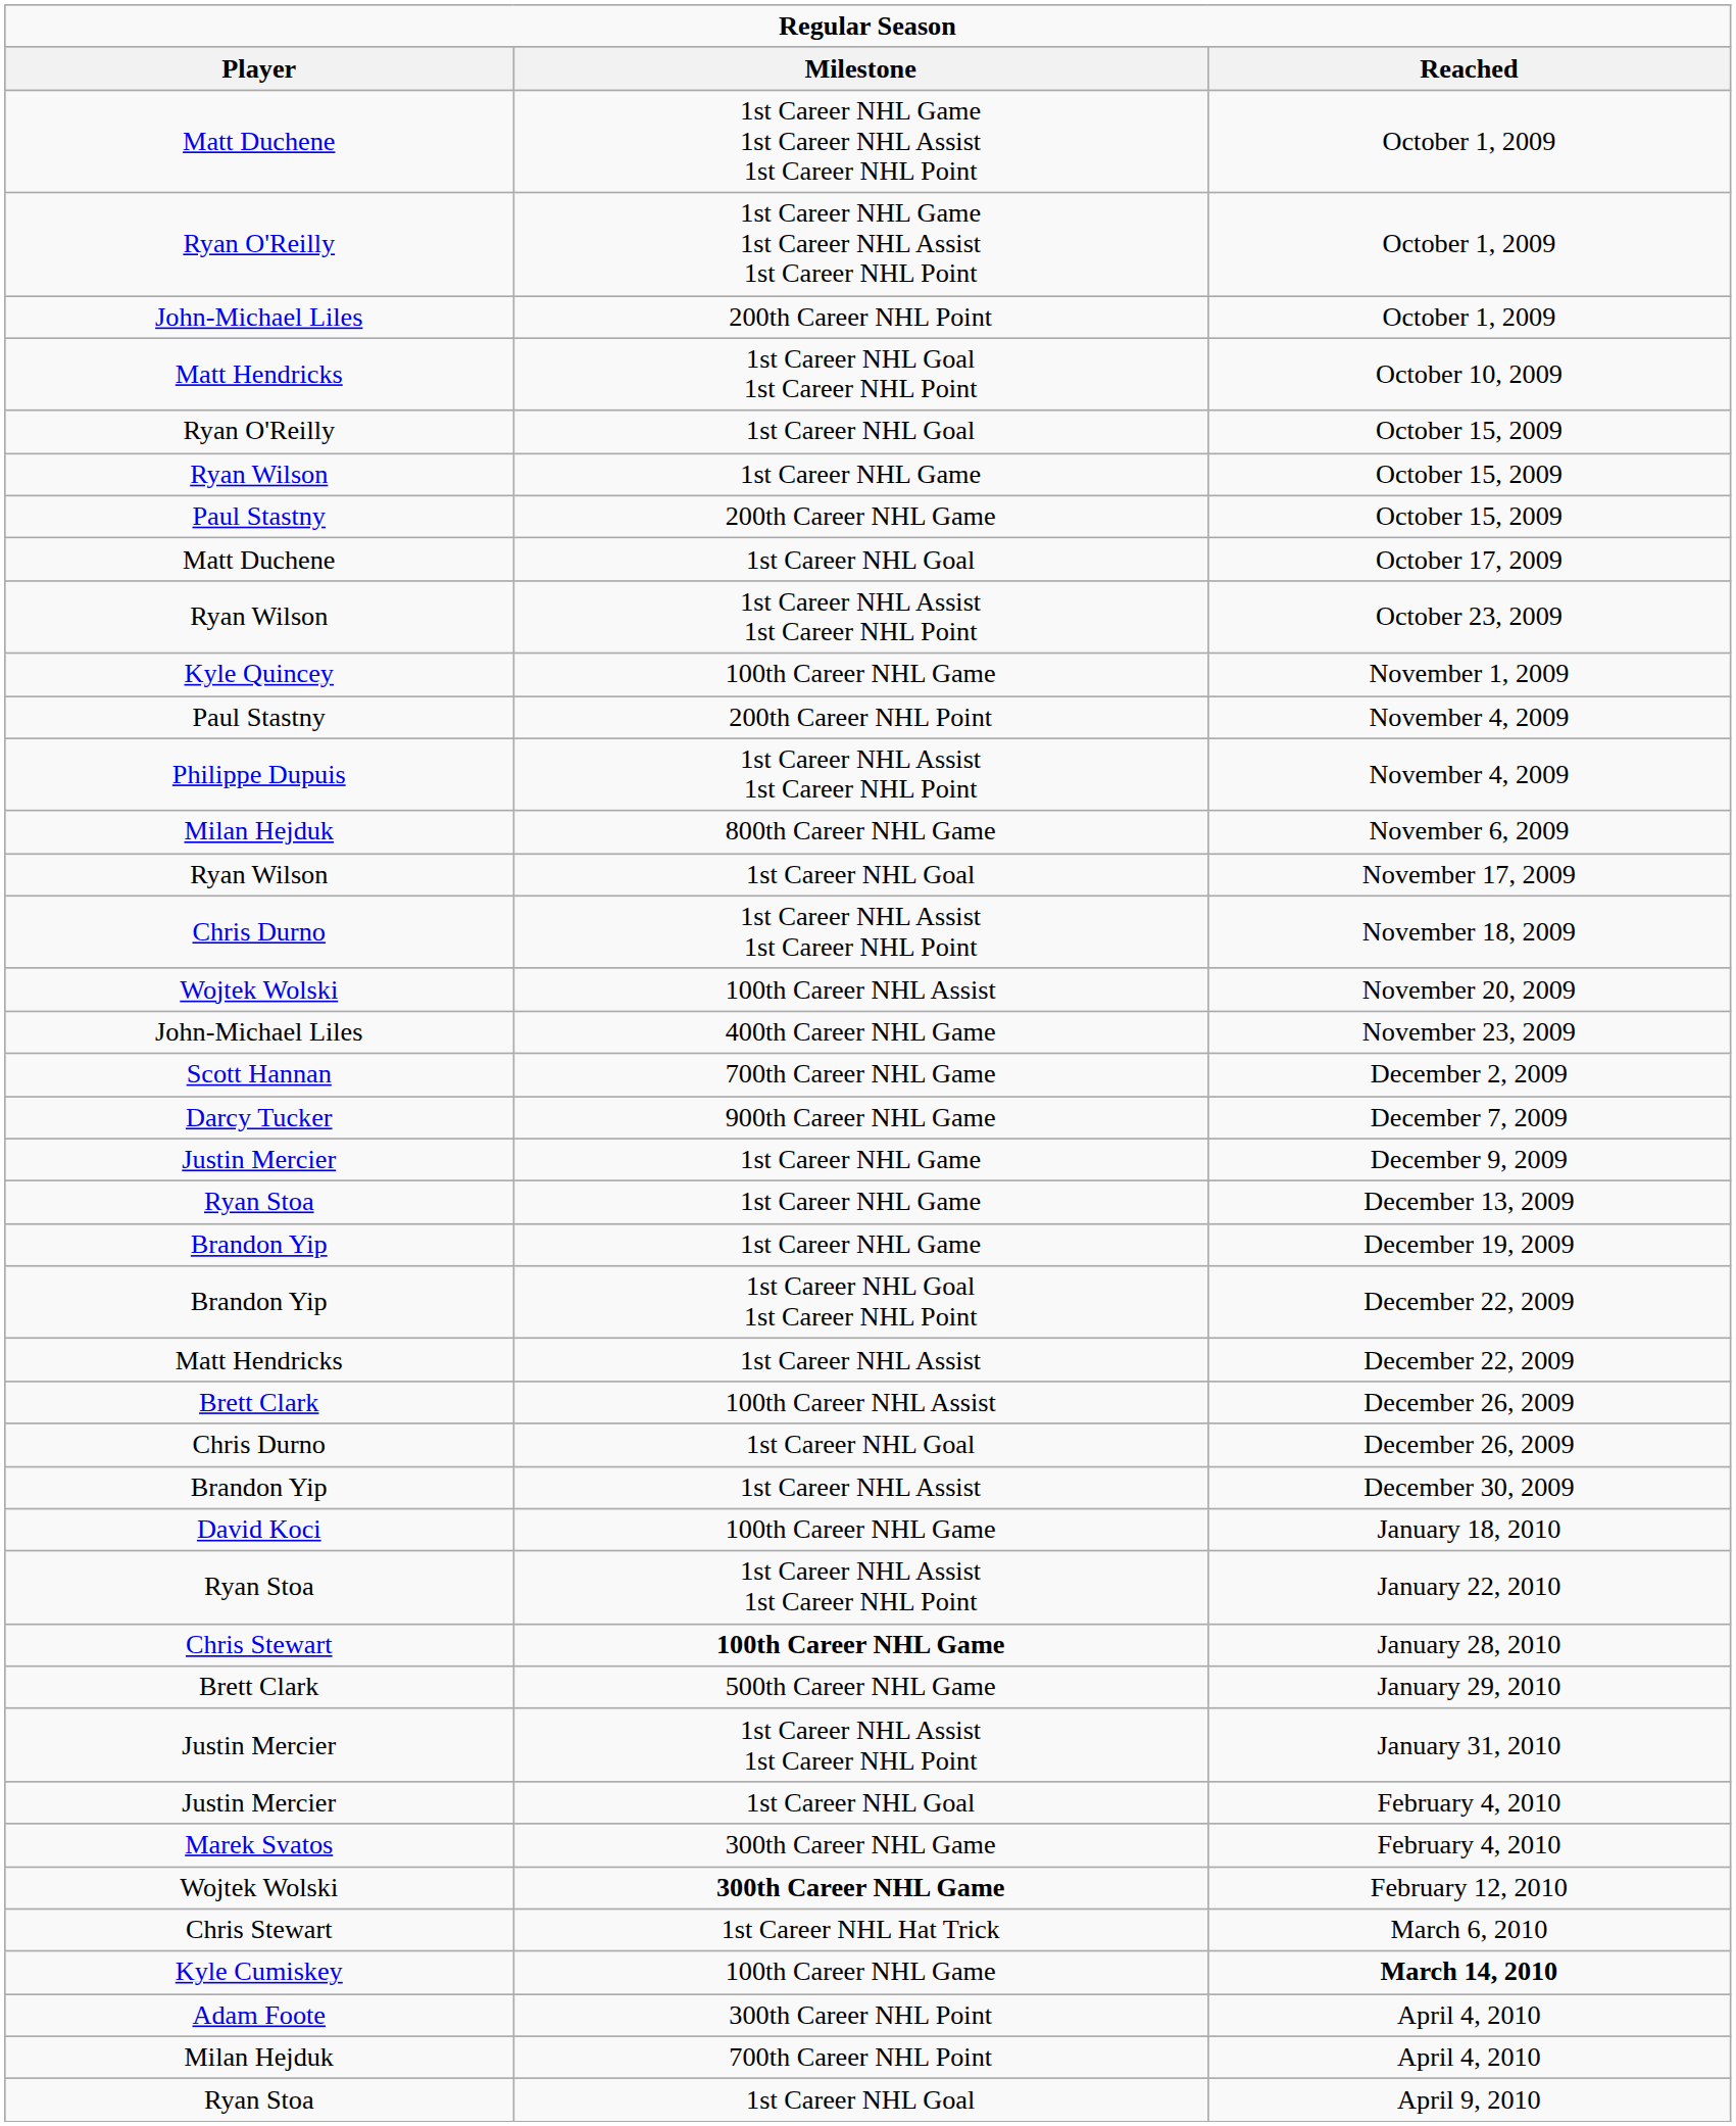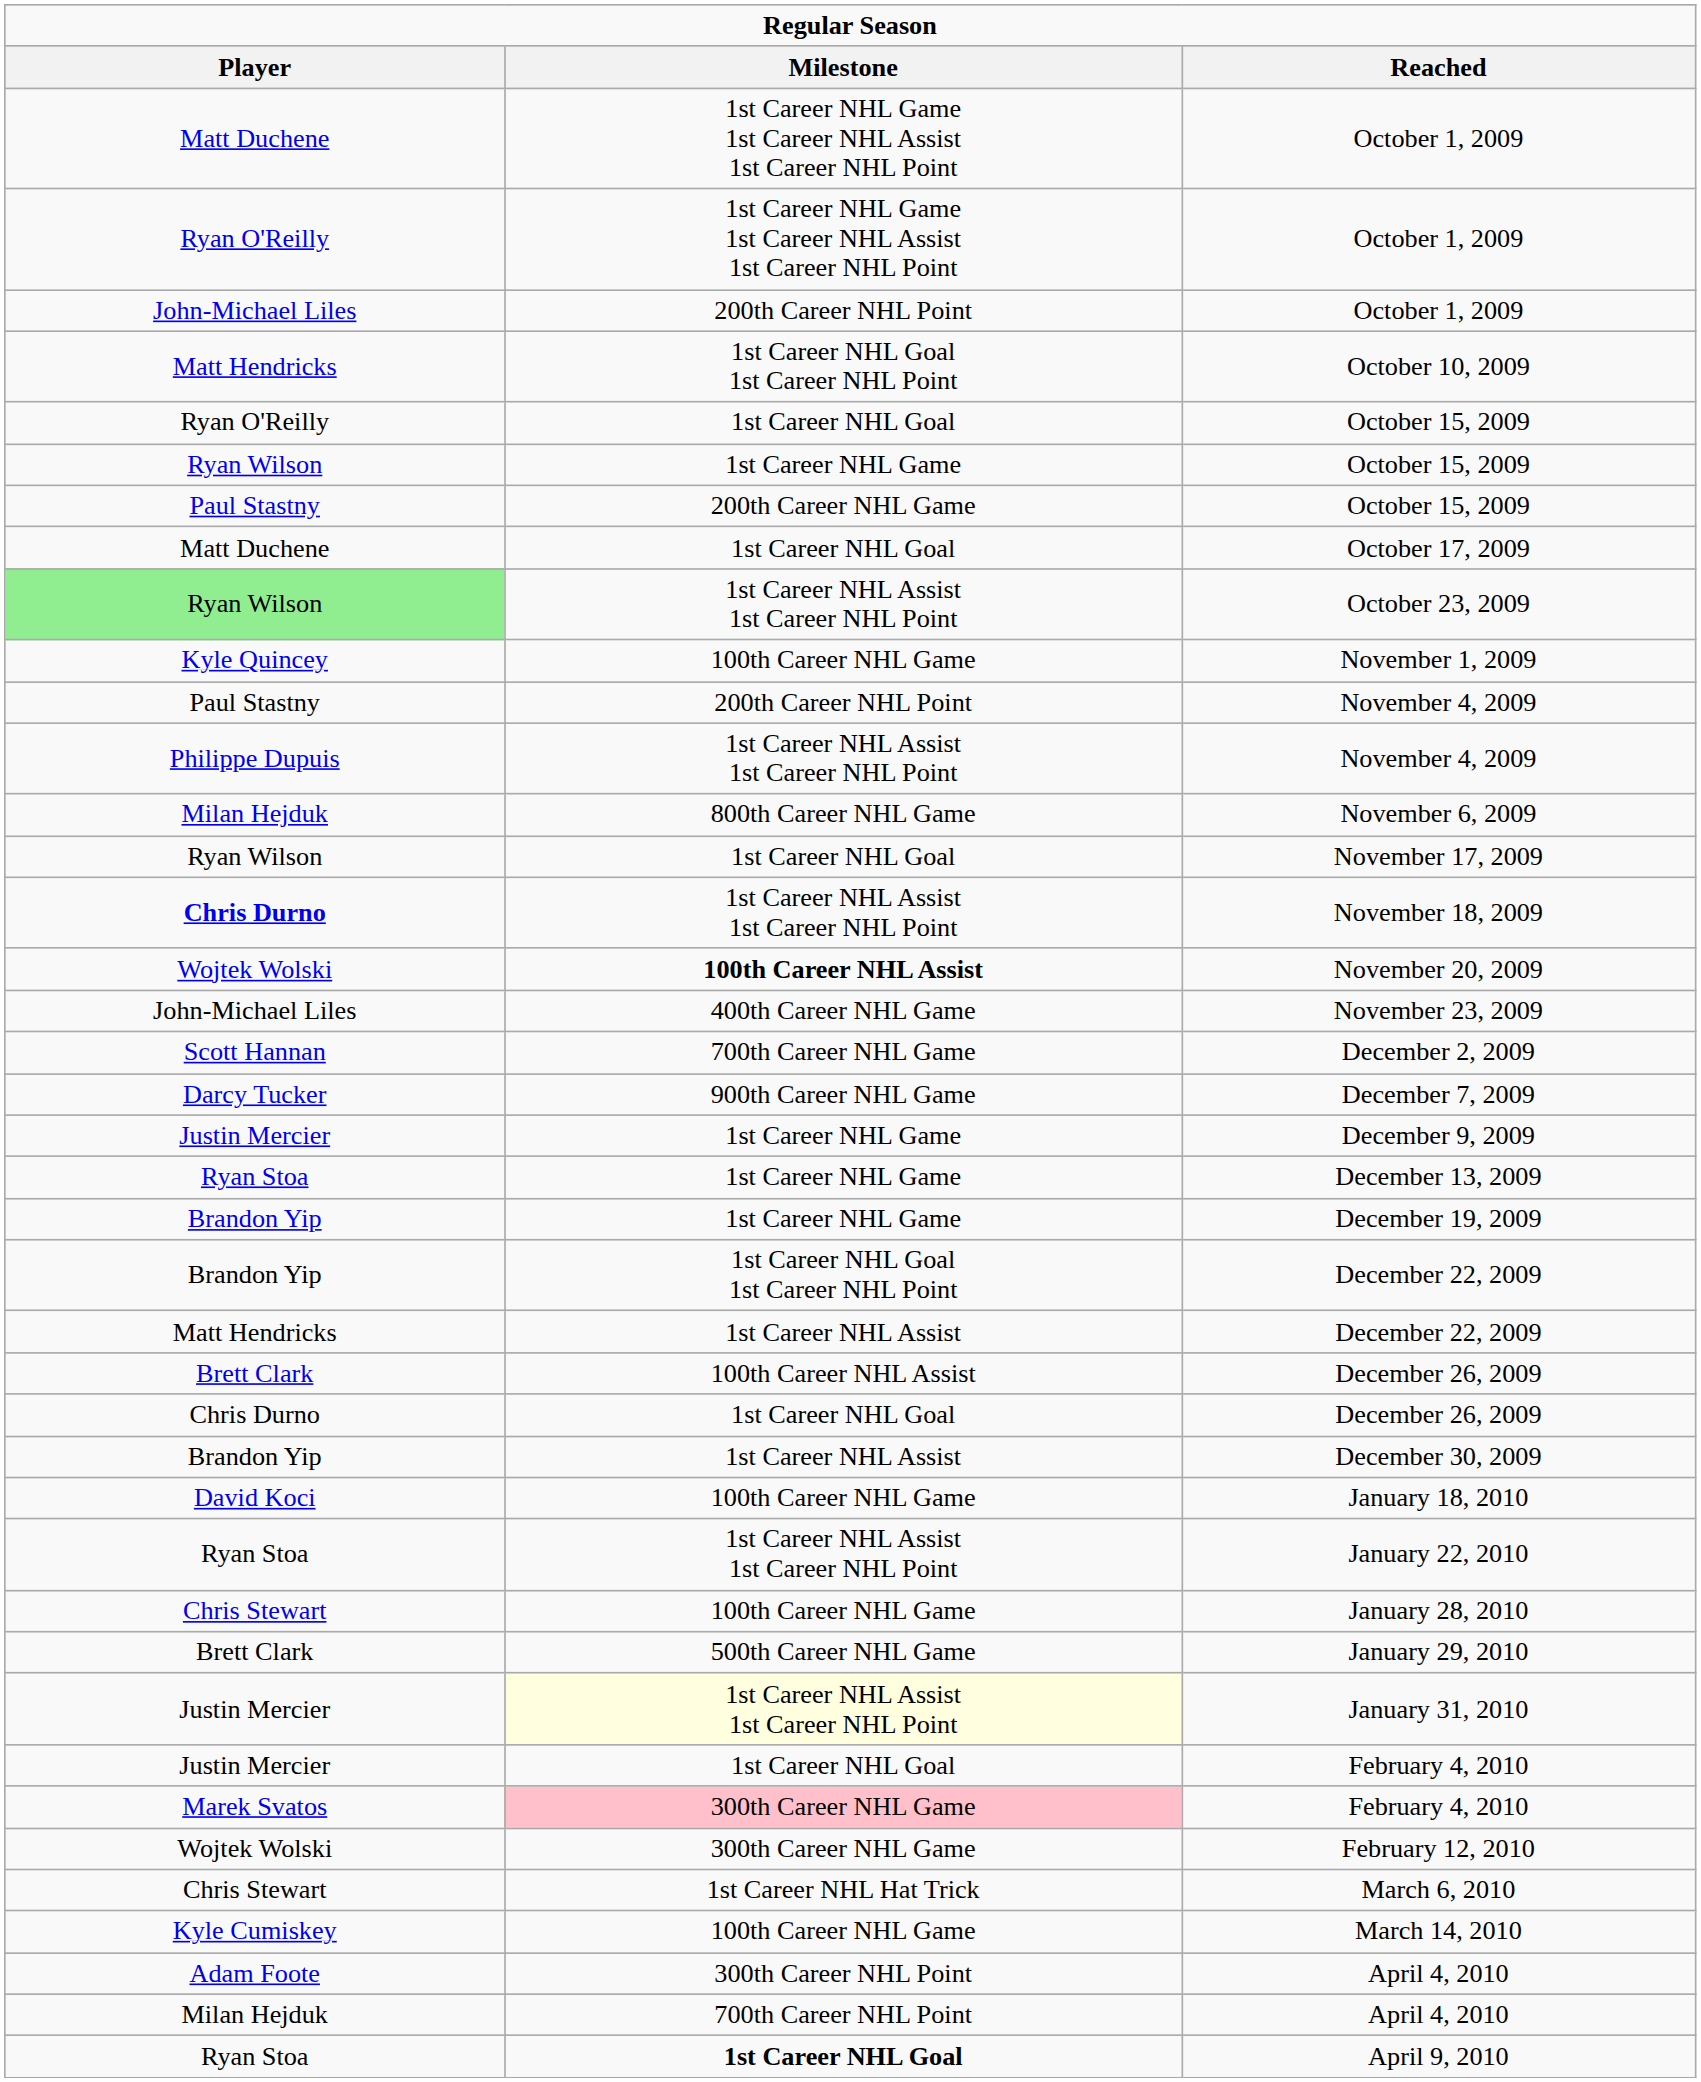 <table class="wikitable" width="52%" style="text-align:center">
 <tr>
 <td colspan="10" align="center"><strong>Regular Season</strong></td>
 </tr>
 <tr align="center"  bgcolor="#dddddd">
 <th>Player</th>
 <th>Milestone</th>
 <th>Reached</th>
 </tr>
 <tr>
 <td><a href='#'>Matt Duchene</a></td>
 <td>1st Career NHL Game<br>1st Career NHL Assist<br>1st Career NHL Point</td>
 <td>October 1, 2009</td>
 </tr>
 <tr>
 <td><a href='#'>Ryan O'Reilly</a></td>
 <td>1st Career NHL Game<br>1st Career NHL Assist<br>1st Career NHL Point</td>
 <td>October 1, 2009</td>
 </tr>
 <tr>
 <td><a href='#'>John-Michael Liles</a></td>
 <td>200th Career NHL Point</td>
 <td>October 1, 2009</td>
 </tr>
 <tr>
 <td><a href='#'>Matt Hendricks</a></td>
 <td>1st Career NHL Goal<br>1st Career NHL Point</td>
 <td>October 10, 2009</td>
 </tr>
 <tr>
 <td>Ryan O'Reilly</td>
 <td>1st Career NHL Goal</td>
 <td>October 15, 2009</td>
 </tr>
 <tr>
 <td><a href='#'>Ryan Wilson</a></td>
 <td>1st Career NHL Game</td>
 <td>October 15, 2009</td>
 </tr>
 <tr>
 <td><a href='#'>Paul Stastny</a></td>
 <td>200th Career NHL Game</td>
 <td>October 15, 2009</td>
 </tr>
 <tr>
 <td>Matt Duchene</td>
 <td>1st Career NHL Goal</td>
 <td>October 17, 2009</td>
 </tr>
 <tr>
-<td>Ryan Wilson</td>
+<td style="background: lightgreen;">Ryan Wilson</td>
 <td>1st Career NHL Assist<br>1st Career NHL Point</td>
 <td>October 23, 2009</td>
 </tr>
 <tr>
 <td><a href='#'>Kyle Quincey</a></td>
 <td>100th Career NHL Game</td>
 <td>November 1, 2009</td>
 </tr>
 <tr>
 <td>Paul Stastny</td>
 <td>200th Career NHL Point</td>
 <td>November 4, 2009</td>
 </tr>
 <tr>
 <td><a href='#'>Philippe Dupuis</a></td>
 <td>1st Career NHL Assist<br>1st Career NHL Point</td>
 <td>November 4, 2009</td>
 </tr>
 <tr>
 <td><a href='#'>Milan Hejduk</a></td>
 <td>800th Career NHL Game</td>
 <td>November 6, 2009</td>
 </tr>
 <tr>
 <td>Ryan Wilson</td>
 <td>1st Career NHL Goal</td>
 <td>November 17, 2009</td>
 </tr>
 <tr>
-<td><a href='#'>Chris Durno</a></td>
+<td><strong><a href='#'>Chris Durno</a></strong></td>
 <td>1st Career NHL Assist<br>1st Career NHL Point</td>
 <td>November 18, 2009</td>
 </tr>
 <tr>
 <td><a href='#'>Wojtek Wolski</a></td>
-<td>100th Career NHL Assist</td>
+<td><strong>100th Career NHL Assist</strong></td>
 <td>November 20, 2009</td>
 </tr>
 <tr>
 <td>John-Michael Liles</td>
 <td>400th Career NHL Game</td>
 <td>November 23, 2009</td>
 </tr>
 <tr>
 <td><a href='#'>Scott Hannan</a></td>
 <td>700th Career NHL Game</td>
 <td>December 2, 2009</td>
 </tr>
 <tr>
 <td><a href='#'>Darcy Tucker</a></td>
 <td>900th Career NHL Game</td>
 <td>December 7, 2009</td>
 </tr>
 <tr>
 <td><a href='#'>Justin Mercier</a></td>
 <td>1st Career NHL Game</td>
 <td>December 9, 2009</td>
 </tr>
 <tr>
 <td><a href='#'>Ryan Stoa</a></td>
 <td>1st Career NHL Game</td>
 <td>December 13, 2009</td>
 </tr>
 <tr>
 <td><a href='#'>Brandon Yip</a></td>
 <td>1st Career NHL Game</td>
 <td>December 19, 2009</td>
 </tr>
 <tr>
 <td>Brandon Yip</td>
 <td>1st Career NHL Goal<br>1st Career NHL Point</td>
 <td>December 22, 2009</td>
 </tr>
 <tr>
 <td>Matt Hendricks</td>
 <td>1st Career NHL Assist</td>
 <td>December 22, 2009</td>
 </tr>
 <tr>
 <td><a href='#'>Brett Clark</a></td>
 <td>100th Career NHL Assist</td>
 <td>December 26, 2009</td>
 </tr>
 <tr>
 <td>Chris Durno</td>
 <td>1st Career NHL Goal</td>
 <td>December 26, 2009</td>
 </tr>
 <tr>
 <td>Brandon Yip</td>
 <td>1st Career NHL Assist</td>
 <td>December 30, 2009</td>
 </tr>
 <tr>
 <td><a href='#'>David Koci</a></td>
 <td>100th Career NHL Game</td>
 <td>January 18, 2010</td>
 </tr>
 <tr>
 <td>Ryan Stoa</td>
 <td>1st Career NHL Assist<br>1st Career NHL Point</td>
 <td>January 22, 2010</td>
 </tr>
 <tr>
 <td><a href='#'>Chris Stewart</a></td>
-<td><strong>100th Career NHL Game</strong></td>
+<td>100th Career NHL Game</td>
 <td>January 28, 2010</td>
 </tr>
 <tr>
 <td>Brett Clark</td>
 <td>500th Career NHL Game</td>
 <td>January 29, 2010</td>
 </tr>
 <tr>
 <td>Justin Mercier</td>
-<td>1st Career NHL Assist<br>1st Career NHL Point</td>
+<td style="background: lightyellow;">1st Career NHL Assist<br>1st Career NHL Point</td>
 <td>January 31, 2010</td>
 </tr>
 <tr>
 <td>Justin Mercier</td>
 <td>1st Career NHL Goal</td>
 <td>February 4, 2010</td>
 </tr>
 <tr>
 <td><a href='#'>Marek Svatos</a></td>
-<td>300th Career NHL Game</td>
+<td style="background: pink;">300th Career NHL Game</td>
 <td>February 4, 2010</td>
 </tr>
 <tr>
 <td>Wojtek Wolski</td>
-<td><strong>300th Career NHL Game</strong></td>
+<td>300th Career NHL Game</td>
 <td>February 12, 2010</td>
 </tr>
 <tr>
 <td>Chris Stewart</td>
 <td>1st Career NHL Hat Trick</td>
 <td>March 6, 2010</td>
 </tr>
 <tr>
 <td><a href='#'>Kyle Cumiskey</a></td>
 <td>100th Career NHL Game</td>
-<td><strong>March 14, 2010</strong></td>
+<td>March 14, 2010</td>
 </tr>
 <tr>
 <td><a href='#'>Adam Foote</a></td>
 <td>300th Career NHL Point</td>
 <td>April 4, 2010</td>
 </tr>
 <tr>
 <td>Milan Hejduk</td>
 <td>700th Career NHL Point</td>
 <td>April 4, 2010</td>
 </tr>
 <tr>
 <td>Ryan Stoa</td>
-<td>1st Career NHL Goal</td>
+<td><strong>1st Career NHL Goal</strong></td>
 <td>April 9, 2010</td>
 </tr>
 </table>
